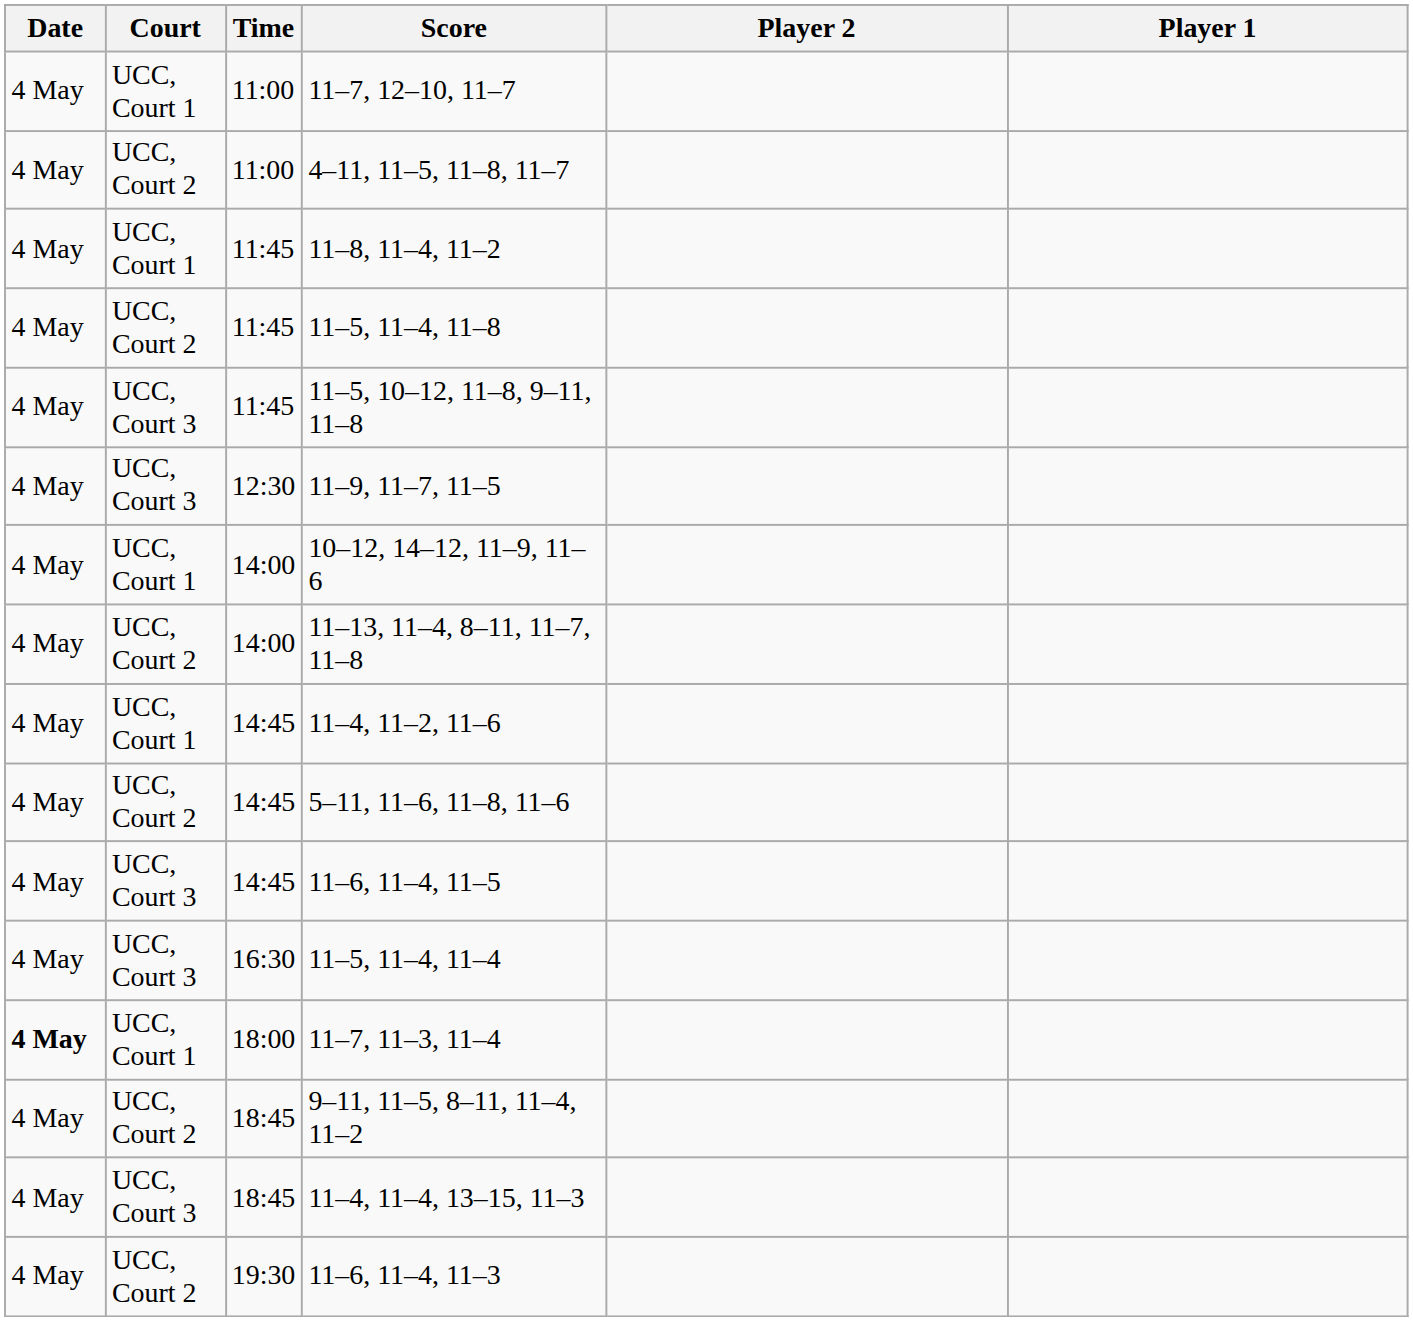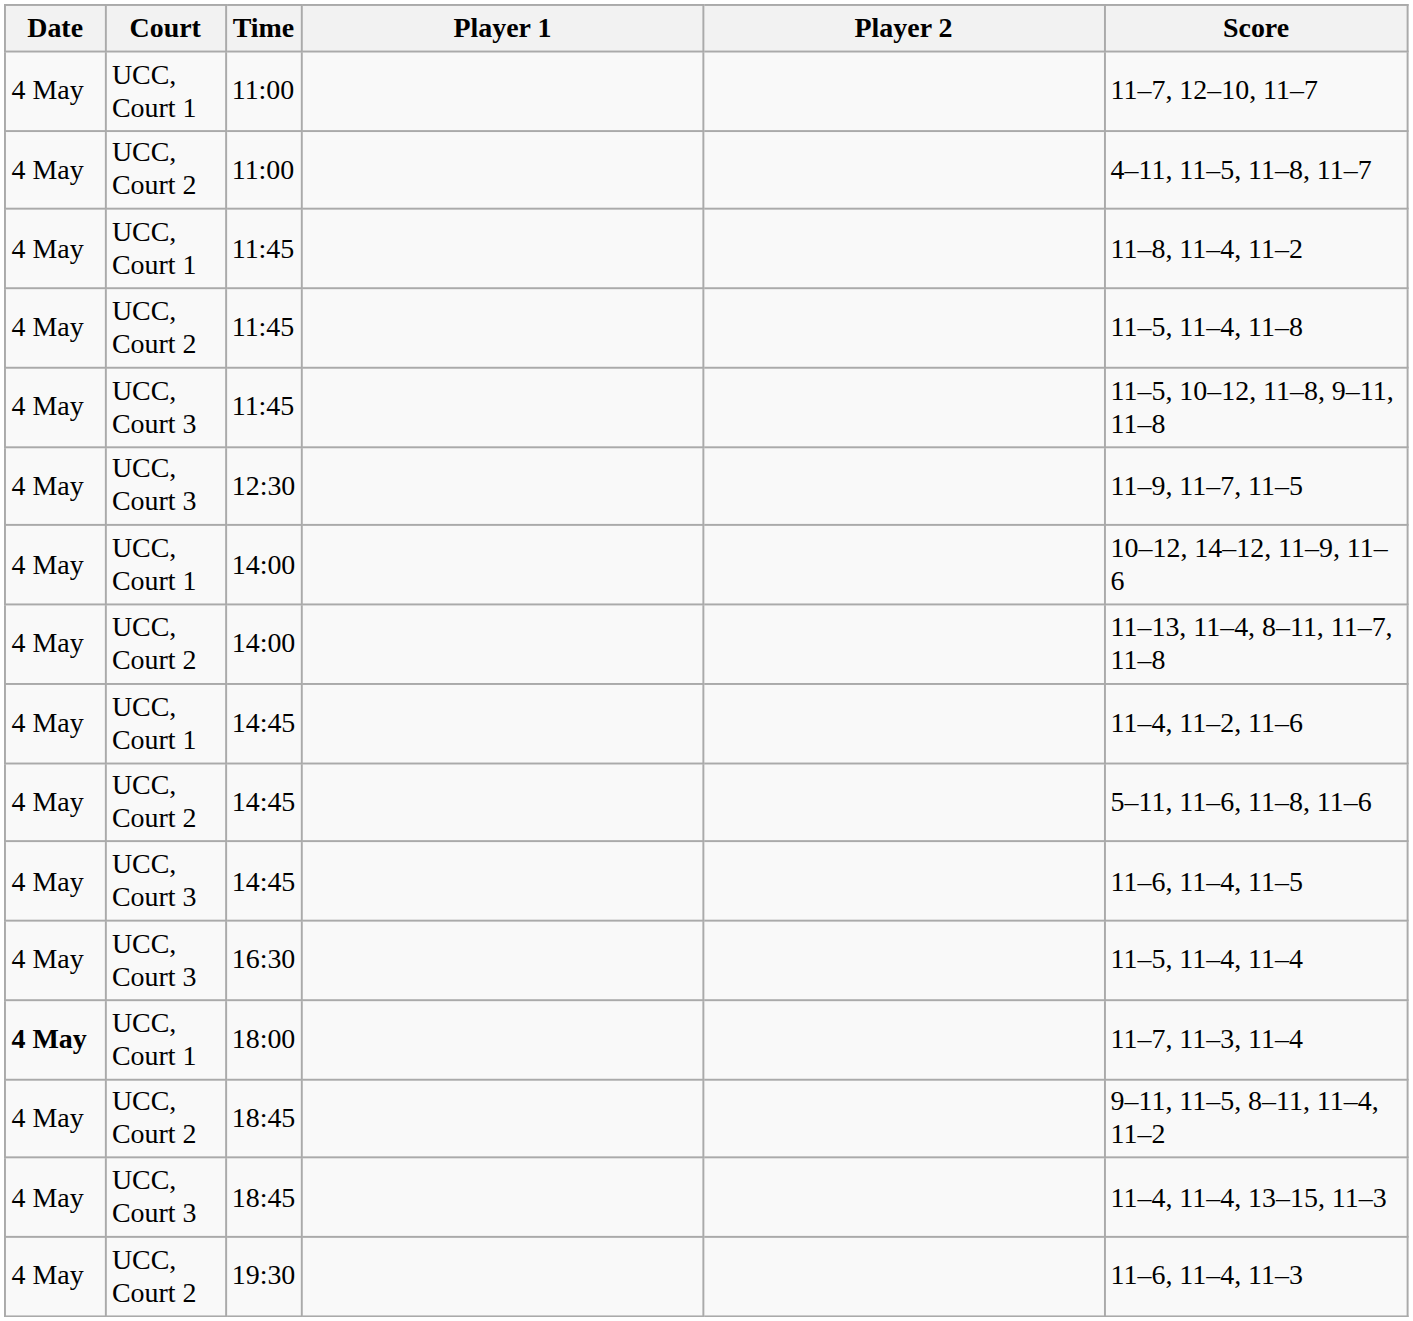 <table class="sortable wikitable" style="font-size:90%">
 <tr>
 <th width="45" class="unsortable">Date</th>
 <th width="55">Court</th>
 <th width="30">Time</th>
+<th width="200">Player 1</th>
+<th width="200">Player 2</th>
 <th width="150" class="unsortable">Score</th>
-<th width="200">Player 2</th>
-<th width="200">Player 1</th>
 </tr>
 <tr>
 <td>4 May</td>
 <td>UCC, Court 1</td>
 <td>11:00</td>
+<td></td>
+<td><strong></strong></td>
 <td>11–7, 12–10, 11–7</td>
-<td><strong></strong></td>
-<td></td>
 </tr>
 <tr>
 <td>4 May</td>
 <td>UCC, Court 2</td>
 <td>11:00</td>
+<td></td>
+<td><strong></strong></td>
 <td>4–11, 11–5, 11–8, 11–7</td>
-<td><strong></strong></td>
-<td></td>
 </tr>
 <tr>
 <td>4 May</td>
 <td>UCC, Court 1</td>
 <td>11:45</td>
+<td><strong></strong></td>
+<td></td>
 <td>11–8, 11–4, 11–2</td>
-<td></td>
-<td><strong></strong></td>
 </tr>
 <tr>
 <td>4 May</td>
 <td>UCC, Court 2</td>
 <td>11:45</td>
+<td></td>
+<td><strong></strong></td>
 <td>11–5, 11–4, 11–8</td>
-<td><strong></strong></td>
-<td></td>
 </tr>
 <tr>
 <td>4 May</td>
 <td>UCC, Court 3</td>
 <td>11:45</td>
+<td><strong></strong></td>
+<td></td>
 <td>11–5, 10–12, 11–8, 9–11, 11–8</td>
-<td></td>
-<td><strong></strong></td>
 </tr>
 <tr>
 <td>4 May</td>
 <td>UCC, Court 3</td>
 <td>12:30</td>
+<td><strong></strong></td>
+<td></td>
 <td>11–9, 11–7, 11–5</td>
-<td></td>
-<td><strong></strong></td>
 </tr>
 <tr>
 <td>4 May</td>
 <td>UCC, Court 1</td>
 <td>14:00</td>
+<td></td>
+<td><strong></strong></td>
 <td>10–12, 14–12, 11–9, 11–6</td>
-<td><strong></strong></td>
-<td></td>
 </tr>
 <tr>
 <td>4 May</td>
 <td>UCC, Court 2</td>
 <td>14:00</td>
+<td><strong></strong></td>
+<td></td>
 <td>11–13, 11–4, 8–11, 11–7, 11–8</td>
-<td></td>
-<td><strong></strong></td>
 </tr>
 <tr>
 <td>4 May</td>
 <td>UCC, Court 1</td>
 <td>14:45</td>
+<td></td>
+<td><strong></strong></td>
 <td>11–4, 11–2, 11–6</td>
-<td><strong></strong></td>
-<td></td>
 </tr>
 <tr>
 <td>4 May</td>
 <td>UCC, Court 2</td>
 <td>14:45</td>
+<td><strong></strong></td>
+<td></td>
 <td>5–11, 11–6, 11–8, 11–6</td>
-<td></td>
-<td><strong></strong></td>
 </tr>
 <tr>
 <td>4 May</td>
 <td>UCC, Court 3</td>
 <td>14:45</td>
+<td></td>
+<td><strong></strong></td>
 <td>11–6, 11–4, 11–5</td>
-<td><strong></strong></td>
-<td></td>
 </tr>
 <tr>
 <td>4 May</td>
 <td>UCC, Court 3</td>
 <td>16:30</td>
+<td><strong></strong></td>
+<td></td>
 <td>11–5, 11–4, 11–4</td>
-<td></td>
-<td><strong></strong></td>
 </tr>
 <tr>
 <td><strong>4 May</strong></td>
 <td>UCC, Court 1</td>
 <td>18:00</td>
+<td></td>
+<td><strong></strong></td>
 <td>11–7, 11–3, 11–4</td>
-<td><strong></strong></td>
-<td></td>
 </tr>
 <tr>
 <td>4 May</td>
 <td>UCC, Court 2</td>
 <td>18:45</td>
+<td><strong></strong></td>
+<td></td>
 <td>9–11, 11–5, 8–11, 11–4, 11–2</td>
-<td></td>
-<td><strong></strong></td>
 </tr>
 <tr>
 <td>4 May</td>
 <td>UCC, Court 3</td>
 <td>18:45</td>
+<td></td>
+<td><strong></strong></td>
 <td>11–4, 11–4, 13–15, 11–3</td>
-<td><strong></strong></td>
-<td></td>
 </tr>
 <tr>
 <td>4 May</td>
 <td>UCC, Court 2</td>
 <td>19:30</td>
+<td><strong></strong></td>
+<td></td>
 <td>11–6, 11–4, 11–3</td>
-<td></td>
-<td><strong></strong></td>
 </tr>
 </table>
